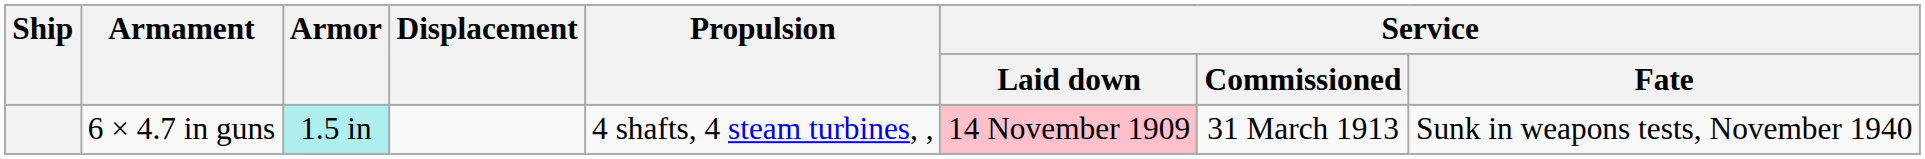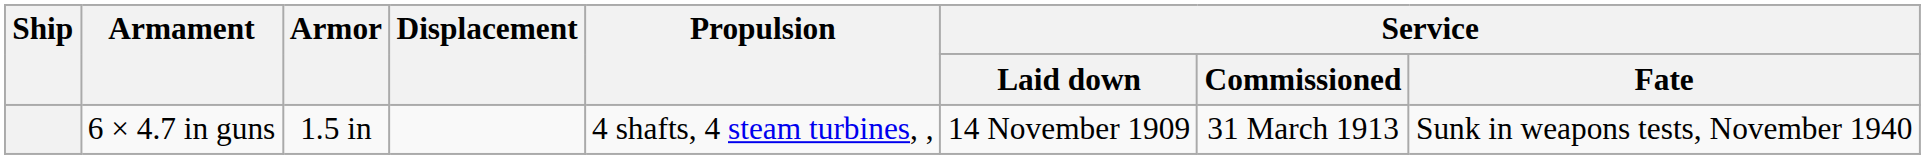 <table class="wikitable plainrowheaders" style="text-align: center;">
 <tr valign="top">
 <th scope="col" rowspan="2">Ship</th>
 <th scope="col" rowspan="2">Armament</th>
 <th scope="col" rowspan="2">Armor</th>
 <th scope="col" rowspan="2">Displacement</th>
 <th scope="col" rowspan="2">Propulsion</th>
 <th scope="col" colspan="3">Service</th>
 </tr>
 <tr valign="top">
 <th scope="col">Laid down</th>
 <th scope="col">Commissioned</th>
 <th scope="col">Fate</th>
 </tr>
 <tr valign="center">
 <th scope="row"></th>
 <td>6 × 4.7 in guns</td>
-<td style="background: paleturquoise;">1.5 in</td>
+<td>1.5 in</td>
 <td></td>
 <td>4 shafts, 4 <a href='#'>steam turbines</a>, , </td>
-<td style="background: pink;">14 November 1909</td>
+<td>14 November 1909</td>
 <td>31 March 1913</td>
 <td>Sunk in weapons tests, November 1940</td>
 </tr>
 </table>
